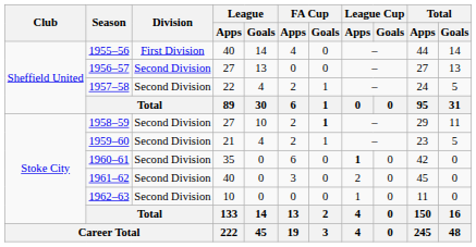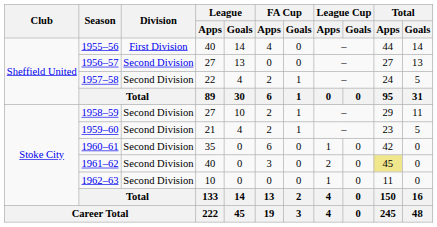 <table class="wikitable" style="text-align: center;">
 <tr>
 <th rowspan="2">Club</th>
 <th rowspan="2">Season</th>
 <th rowspan="2">Division</th>
 <th colspan="2">League</th>
 <th colspan="2">FA Cup</th>
 <th colspan="2">League Cup</th>
 <th colspan="2">Total</th>
 </tr>
 <tr>
 <th>Apps</th>
 <th>Goals</th>
 <th>Apps</th>
 <th>Goals</th>
 <th>Apps</th>
 <th>Goals</th>
 <th>Apps</th>
 <th>Goals</th>
 </tr>
 <tr>
 <td rowspan="4"><a href='#'>Sheffield United</a></td>
 <td><a href='#'>1955–56</a></td>
 <td><a href='#'>First Division</a></td>
 <td>40</td>
 <td>14</td>
 <td>4</td>
 <td>0</td>
 <td colspan="2">–</td>
 <td>44</td>
 <td>14</td>
 </tr>
 <tr>
 <td><a href='#'>1956–57</a></td>
 <td><a href='#'>Second Division</a></td>
 <td>27</td>
 <td>13</td>
 <td>0</td>
 <td>0</td>
 <td colspan="2">–</td>
 <td>27</td>
 <td>13</td>
 </tr>
 <tr>
 <td><a href='#'>1957–58</a></td>
 <td>Second Division</td>
 <td>22</td>
 <td>4</td>
 <td>2</td>
 <td>1</td>
 <td colspan="2">–</td>
 <td>24</td>
 <td>5</td>
 </tr>
 <tr>
 <th colspan="2">Total</th>
 <th>89</th>
 <th>30</th>
 <th>6</th>
 <th>1</th>
 <th>0</th>
 <th>0</th>
 <th>95</th>
 <th>31</th>
 </tr>
 <tr>
 <td rowspan="6"><a href='#'>Stoke City</a></td>
 <td><a href='#'>1958–59</a></td>
 <td>Second Division</td>
 <td>27</td>
 <td>10</td>
 <td>2</td>
-<td><strong>1</strong></td>
+<td>1</td>
 <td colspan="2">–</td>
 <td>29</td>
 <td>11</td>
 </tr>
 <tr>
 <td><a href='#'>1959–60</a></td>
 <td>Second Division</td>
 <td>21</td>
 <td>4</td>
 <td>2</td>
 <td>1</td>
 <td colspan="2">–</td>
 <td>23</td>
 <td>5</td>
 </tr>
 <tr>
 <td><a href='#'>1960–61</a></td>
 <td>Second Division</td>
 <td>35</td>
 <td>0</td>
 <td>6</td>
 <td>0</td>
-<td><strong>1</strong></td>
+<td>1</td>
 <td>0</td>
 <td>42</td>
 <td>0</td>
 </tr>
 <tr>
 <td><a href='#'>1961–62</a></td>
 <td>Second Division</td>
 <td>40</td>
 <td>0</td>
 <td>3</td>
 <td>0</td>
 <td>2</td>
 <td>0</td>
-<td>45</td>
+<td style="background: khaki;">45</td>
 <td>0</td>
 </tr>
 <tr>
 <td><a href='#'>1962–63</a></td>
 <td>Second Division</td>
 <td>10</td>
 <td>0</td>
 <td>0</td>
 <td>0</td>
 <td>1</td>
 <td>0</td>
 <td>11</td>
 <td>0</td>
 </tr>
 <tr>
 <th colspan="2">Total</th>
 <th>133</th>
 <th>14</th>
 <th>13</th>
 <th>2</th>
 <th>4</th>
 <th>0</th>
 <th>150</th>
 <th>16</th>
 </tr>
 <tr>
 <th colspan="3">Career Total</th>
 <th>222</th>
 <th>45</th>
 <th>19</th>
 <th>3</th>
 <th>4</th>
 <th>0</th>
 <th>245</th>
 <th>48</th>
 </tr>
 </table>
